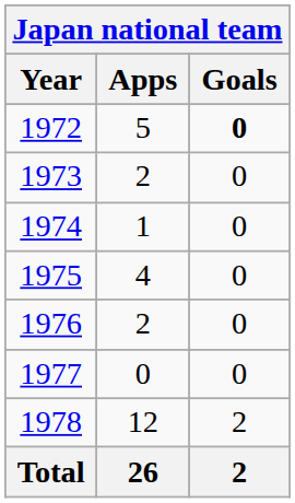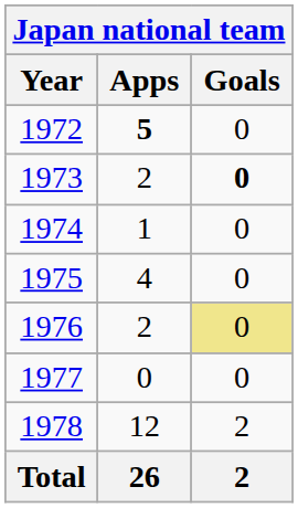 <table class="wikitable" style="text-align:center">
 <tr>
 <th colspan=3><a href='#'>Japan national team</a></th>
 </tr>
 <tr>
 <th>Year</th>
 <th>Apps</th>
 <th>Goals</th>
 </tr>
 <tr>
 <td><a href='#'>1972</a></td>
-<td>5</td>
-<td><strong>0</strong></td>
+<td><strong>5</strong></td>
+<td>0</td>
 </tr>
 <tr>
 <td><a href='#'>1973</a></td>
 <td>2</td>
-<td>0</td>
+<td><strong>0</strong></td>
 </tr>
 <tr>
 <td><a href='#'>1974</a></td>
 <td>1</td>
 <td>0</td>
 </tr>
 <tr>
 <td><a href='#'>1975</a></td>
 <td>4</td>
 <td>0</td>
 </tr>
 <tr>
 <td><a href='#'>1976</a></td>
 <td>2</td>
-<td>0</td>
+<td style="background: khaki;">0</td>
 </tr>
 <tr>
 <td><a href='#'>1977</a></td>
 <td>0</td>
 <td>0</td>
 </tr>
 <tr>
 <td><a href='#'>1978</a></td>
 <td>12</td>
 <td>2</td>
 </tr>
 <tr>
 <th>Total</th>
 <th>26</th>
 <th>2</th>
 </tr>
 </table>
